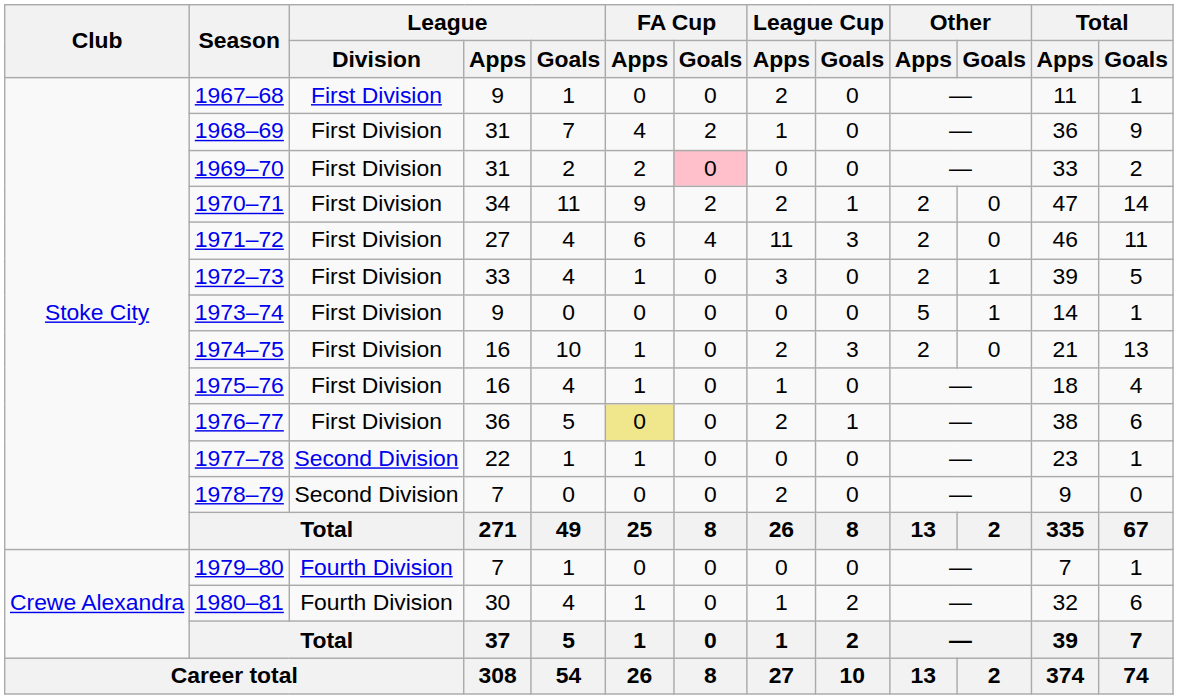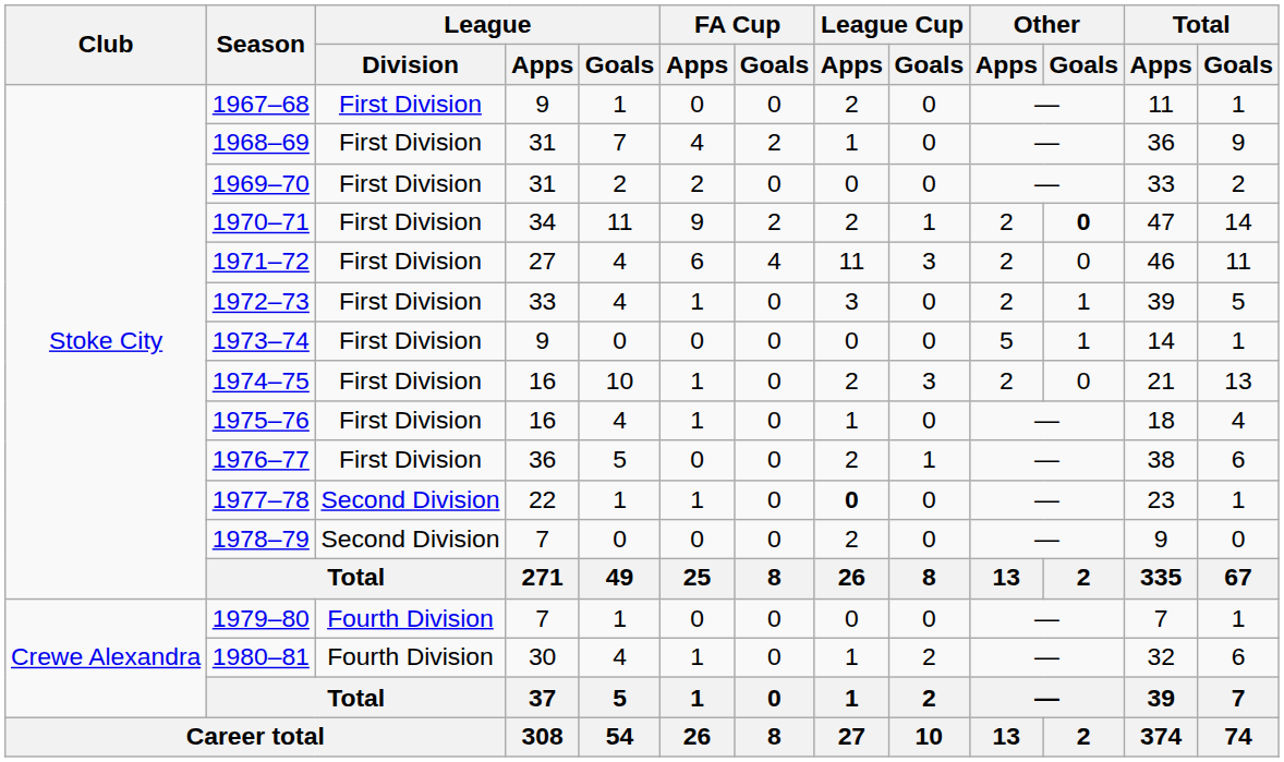 <table class="wikitable" style="text-align: center;">
 <tr>
 <th rowspan="2">Club</th>
 <th rowspan="2">Season</th>
 <th colspan="3">League</th>
 <th colspan="2">FA Cup</th>
 <th colspan="2">League Cup</th>
 <th colspan="2">Other</th>
 <th colspan="2">Total</th>
 </tr>
 <tr>
 <th>Division</th>
 <th>Apps</th>
 <th>Goals</th>
 <th>Apps</th>
 <th>Goals</th>
 <th>Apps</th>
 <th>Goals</th>
 <th>Apps</th>
 <th>Goals</th>
 <th>Apps</th>
 <th>Goals</th>
 </tr>
 <tr>
 <td rowspan="13"><a href='#'>Stoke City</a></td>
 <td><a href='#'>1967–68</a></td>
 <td><a href='#'>First Division</a></td>
 <td>9</td>
 <td>1</td>
 <td>0</td>
 <td>0</td>
 <td>2</td>
 <td>0</td>
 <td colspan="2">—</td>
 <td>11</td>
 <td>1</td>
 </tr>
 <tr>
 <td><a href='#'>1968–69</a></td>
 <td>First Division</td>
 <td>31</td>
 <td>7</td>
 <td>4</td>
 <td>2</td>
 <td>1</td>
 <td>0</td>
 <td colspan="2">—</td>
 <td>36</td>
 <td>9</td>
 </tr>
 <tr>
 <td><a href='#'>1969–70</a></td>
 <td>First Division</td>
 <td>31</td>
 <td>2</td>
 <td>2</td>
-<td style="background: pink;">0</td>
+<td>0</td>
 <td>0</td>
 <td>0</td>
 <td colspan="2">—</td>
 <td>33</td>
 <td>2</td>
 </tr>
 <tr>
 <td><a href='#'>1970–71</a></td>
 <td>First Division</td>
 <td>34</td>
 <td>11</td>
 <td>9</td>
 <td>2</td>
 <td>2</td>
 <td>1</td>
 <td>2</td>
-<td>0</td>
+<td><strong>0</strong></td>
 <td>47</td>
 <td>14</td>
 </tr>
 <tr>
 <td><a href='#'>1971–72</a></td>
 <td>First Division</td>
 <td>27</td>
 <td>4</td>
 <td>6</td>
 <td>4</td>
 <td>11</td>
 <td>3</td>
 <td>2</td>
 <td>0</td>
 <td>46</td>
 <td>11</td>
 </tr>
 <tr>
 <td><a href='#'>1972–73</a></td>
 <td>First Division</td>
 <td>33</td>
 <td>4</td>
 <td>1</td>
 <td>0</td>
 <td>3</td>
 <td>0</td>
 <td>2</td>
 <td>1</td>
 <td>39</td>
 <td>5</td>
 </tr>
 <tr>
 <td><a href='#'>1973–74</a></td>
 <td>First Division</td>
 <td>9</td>
 <td>0</td>
 <td>0</td>
 <td>0</td>
 <td>0</td>
 <td>0</td>
 <td>5</td>
 <td>1</td>
 <td>14</td>
 <td>1</td>
 </tr>
 <tr>
 <td><a href='#'>1974–75</a></td>
 <td>First Division</td>
 <td>16</td>
 <td>10</td>
 <td>1</td>
 <td>0</td>
 <td>2</td>
 <td>3</td>
 <td>2</td>
 <td>0</td>
 <td>21</td>
 <td>13</td>
 </tr>
 <tr>
 <td><a href='#'>1975–76</a></td>
 <td>First Division</td>
 <td>16</td>
 <td>4</td>
 <td>1</td>
 <td>0</td>
 <td>1</td>
 <td>0</td>
 <td colspan="2">—</td>
 <td>18</td>
 <td>4</td>
 </tr>
 <tr>
 <td><a href='#'>1976–77</a></td>
 <td>First Division</td>
 <td>36</td>
 <td>5</td>
-<td style="background: khaki;">0</td>
+<td>0</td>
 <td>0</td>
 <td>2</td>
 <td>1</td>
 <td colspan="2">—</td>
 <td>38</td>
 <td>6</td>
 </tr>
 <tr>
 <td><a href='#'>1977–78</a></td>
 <td><a href='#'>Second Division</a></td>
 <td>22</td>
 <td>1</td>
 <td>1</td>
 <td>0</td>
-<td>0</td>
+<td><strong>0</strong></td>
 <td>0</td>
 <td colspan="2">—</td>
 <td>23</td>
 <td>1</td>
 </tr>
 <tr>
 <td><a href='#'>1978–79</a></td>
 <td>Second Division</td>
 <td>7</td>
 <td>0</td>
 <td>0</td>
 <td>0</td>
 <td>2</td>
 <td>0</td>
 <td colspan="2">—</td>
 <td>9</td>
 <td>0</td>
 </tr>
 <tr>
 <th colspan="2">Total</th>
 <th>271</th>
 <th>49</th>
 <th>25</th>
 <th>8</th>
 <th>26</th>
 <th>8</th>
 <th>13</th>
 <th>2</th>
 <th>335</th>
 <th>67</th>
 </tr>
 <tr>
 <td rowspan="3"><a href='#'>Crewe Alexandra</a></td>
 <td><a href='#'>1979–80</a></td>
 <td><a href='#'>Fourth Division</a></td>
 <td>7</td>
 <td>1</td>
 <td>0</td>
 <td>0</td>
 <td>0</td>
 <td>0</td>
 <td colspan="2">—</td>
 <td>7</td>
 <td>1</td>
 </tr>
 <tr>
 <td><a href='#'>1980–81</a></td>
 <td>Fourth Division</td>
 <td>30</td>
 <td>4</td>
 <td>1</td>
 <td>0</td>
 <td>1</td>
 <td>2</td>
 <td colspan="2">—</td>
 <td>32</td>
 <td>6</td>
 </tr>
 <tr>
 <th colspan="2">Total</th>
 <th>37</th>
 <th>5</th>
 <th>1</th>
 <th>0</th>
 <th>1</th>
 <th>2</th>
 <th colspan="2">—</th>
 <th>39</th>
 <th>7</th>
 </tr>
 <tr>
 <th colspan="3">Career total</th>
 <th>308</th>
 <th>54</th>
 <th>26</th>
 <th>8</th>
 <th>27</th>
 <th>10</th>
 <th>13</th>
 <th>2</th>
 <th>374</th>
 <th>74</th>
 </tr>
 </table>
